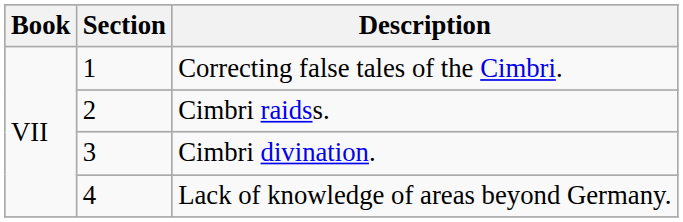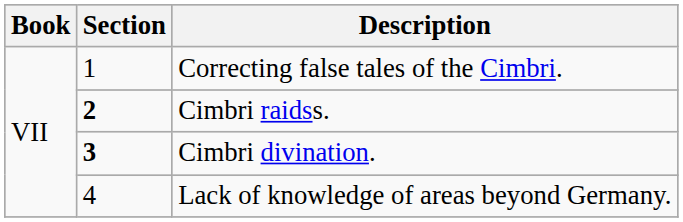 <table class="wikitable" style="max-width:45em;">
 <tr>
 <th>Book</th>
 <th>Section</th>
 <th>Description</th>
 </tr>
 <tr>
 <td rowspan="4">VII</td>
 <td>1</td>
 <td>Correcting false tales of the <a href='#'>Cimbri</a>.</td>
 </tr>
 <tr>
-<td>2</td>
+<td><strong>2</strong></td>
 <td>Cimbri <a href='#'>raids</a>s.</td>
 </tr>
 <tr>
-<td>3</td>
+<td><strong>3</strong></td>
 <td>Cimbri <a href='#'>divination</a>.</td>
 </tr>
 <tr>
 <td>4</td>
 <td>Lack of knowledge of areas beyond Germany.</td>
 </tr>
 </table>
